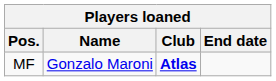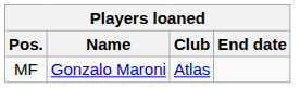 <table class="wikitable" style="font-size:95%;">
 <tr>
 <th colspan="6">Players loaned</th>
 </tr>
 <tr>
 <th>Pos.</th>
 <th>Name</th>
 <th>Club</th>
 <th>End date</th>
 </tr>
 <tr>
 <td align="center">MF</td>
 <td> <a href='#'>Gonzalo Maroni</a></td>
-<td><strong> <a href='#'>Atlas</a></strong></td>
+<td> <a href='#'>Atlas</a></td>
 </tr>
 </table>
